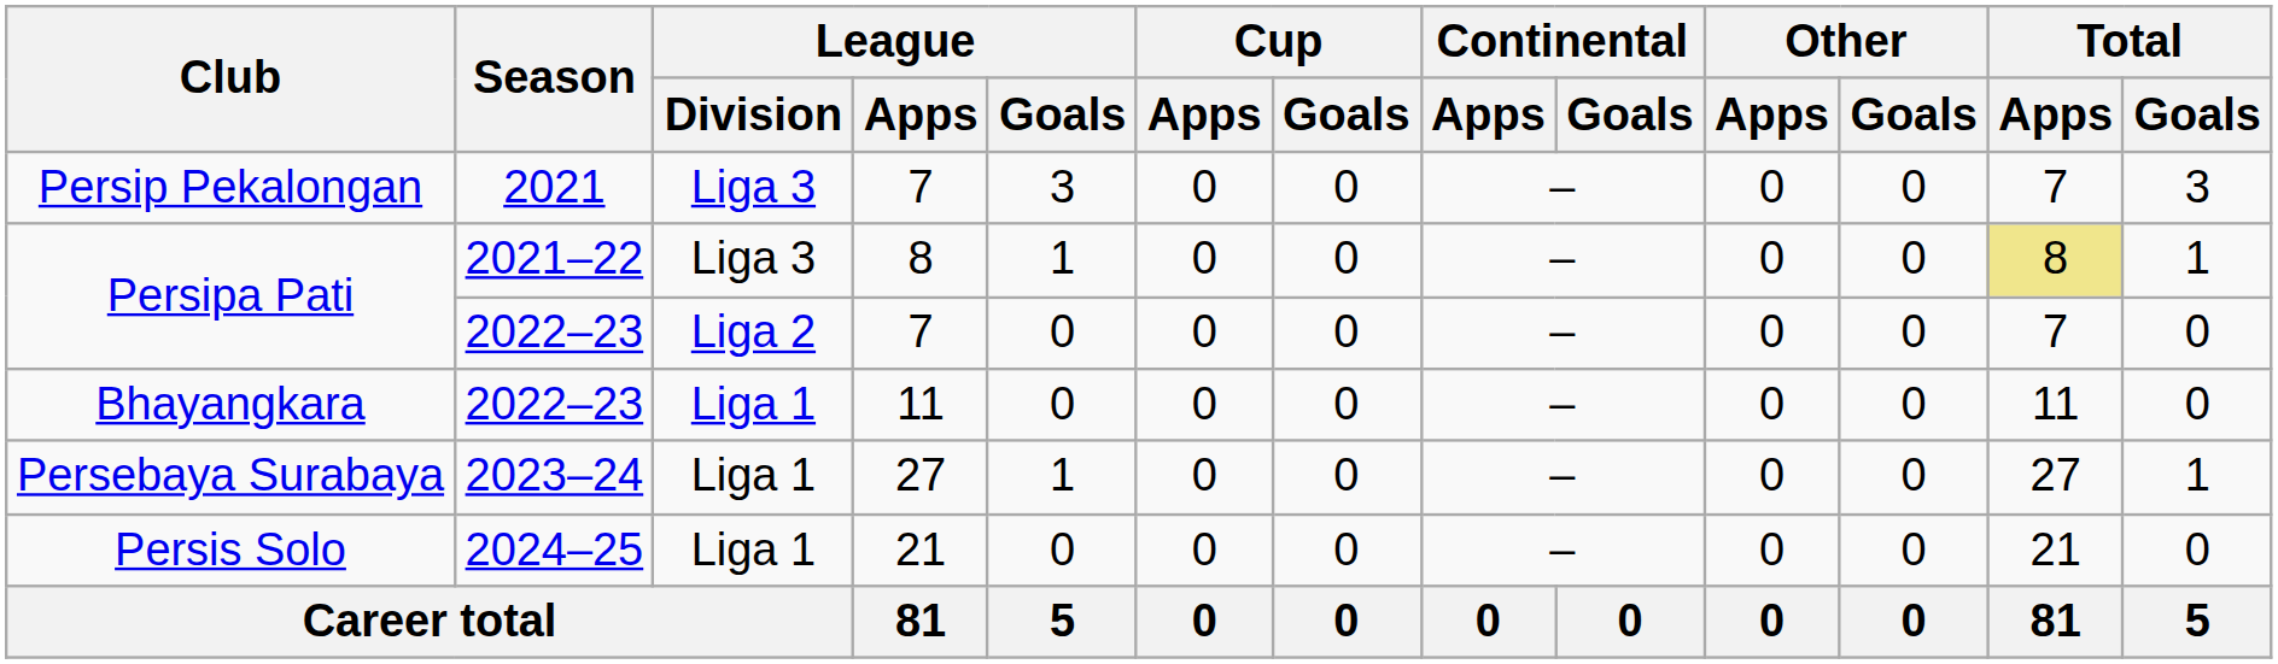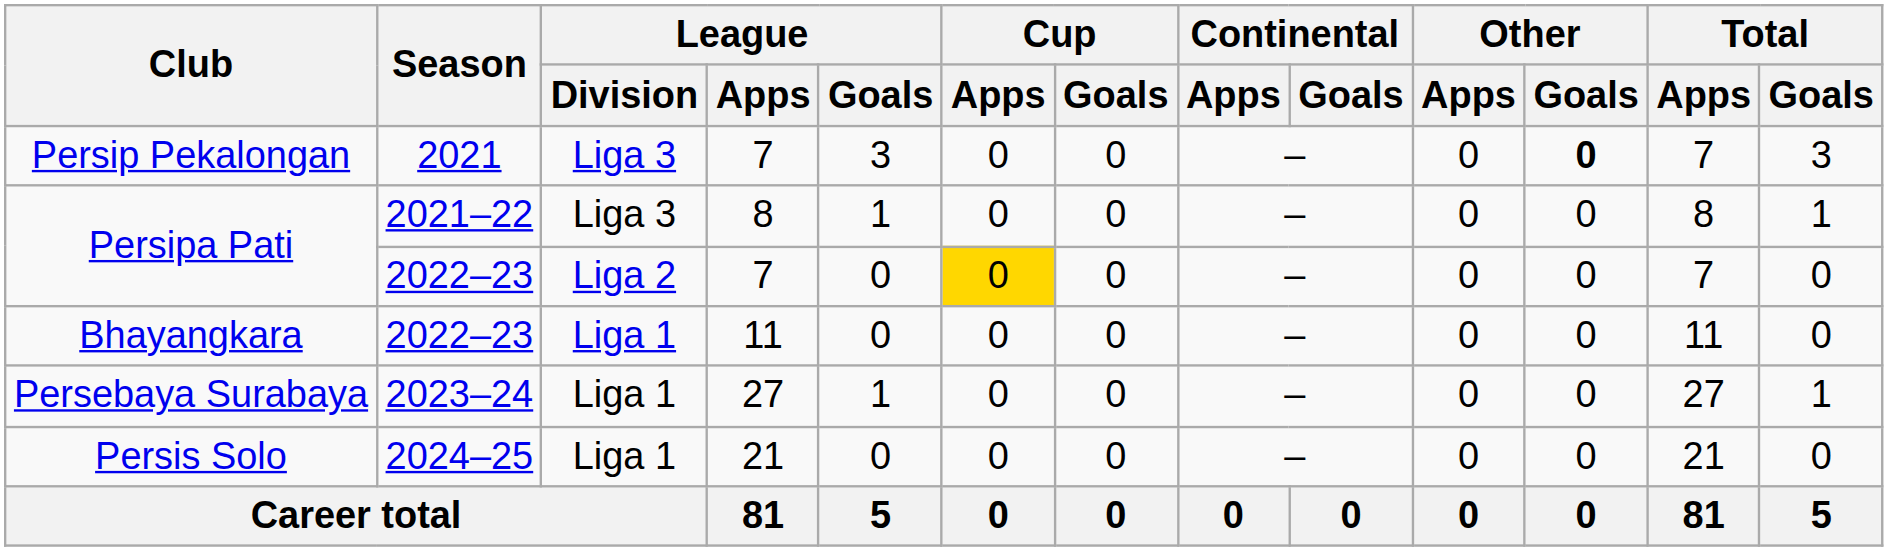 <table class="wikitable" style="text-align: center">
 <tr>
 <th rowspan="2">Club</th>
 <th rowspan="2">Season</th>
 <th colspan="3">League</th>
 <th colspan="2">Cup</th>
 <th colspan="2">Continental</th>
 <th colspan="2">Other</th>
 <th colspan="3">Total</th>
 </tr>
 <tr>
 <th>Division</th>
 <th>Apps</th>
 <th>Goals</th>
 <th>Apps</th>
 <th>Goals</th>
 <th>Apps</th>
 <th>Goals</th>
 <th>Apps</th>
 <th>Goals</th>
 <th>Apps</th>
 <th>Goals</th>
 </tr>
 <tr>
 <td rowspan="1"><a href='#'>Persip Pekalongan</a></td>
 <td><a href='#'>2021</a></td>
 <td rowspan="1" valign="center"><a href='#'>Liga 3</a></td>
 <td>7</td>
 <td>3</td>
 <td>0</td>
 <td>0</td>
 <td colspan="2">–</td>
 <td>0</td>
-<td>0</td>
+<td><strong>0</strong></td>
 <td>7</td>
 <td>3</td>
 </tr>
 <tr>
 <td rowspan="2"><a href='#'>Persipa Pati</a></td>
 <td><a href='#'>2021–22</a></td>
 <td rowspan="1" valign="center">Liga 3</td>
 <td>8</td>
 <td>1</td>
 <td>0</td>
 <td>0</td>
 <td colspan="2">–</td>
 <td>0</td>
 <td>0</td>
-<td style="background: khaki;">8</td>
+<td>8</td>
 <td>1</td>
 </tr>
 <tr>
 <td><a href='#'>2022–23</a></td>
 <td><a href='#'>Liga 2</a></td>
 <td>7</td>
 <td>0</td>
-<td>0</td>
+<td style="background: gold;">0</td>
 <td>0</td>
 <td colspan="2">–</td>
 <td>0</td>
 <td>0</td>
 <td>7</td>
 <td>0</td>
 </tr>
 <tr>
 <td rowspan="1"><a href='#'>Bhayangkara</a></td>
 <td><a href='#'>2022–23</a></td>
 <td rowspan="1" valign="center"><a href='#'>Liga 1</a></td>
 <td>11</td>
 <td>0</td>
 <td>0</td>
 <td>0</td>
 <td colspan="2">–</td>
 <td>0</td>
 <td>0</td>
 <td>11</td>
 <td>0</td>
 </tr>
 <tr>
 <td rowspan="1"><a href='#'>Persebaya Surabaya</a></td>
 <td><a href='#'>2023–24</a></td>
 <td rowspan="1" valign="center">Liga 1</td>
 <td>27</td>
 <td>1</td>
 <td>0</td>
 <td>0</td>
 <td colspan="2">–</td>
 <td>0</td>
 <td>0</td>
 <td>27</td>
 <td>1</td>
 </tr>
 <tr>
 <td rowspan="1"><a href='#'>Persis Solo</a></td>
 <td><a href='#'>2024–25</a></td>
 <td rowspan="1" valign="center">Liga 1</td>
 <td>21</td>
 <td>0</td>
 <td>0</td>
 <td>0</td>
 <td colspan="2">–</td>
 <td>0</td>
 <td>0</td>
 <td>21</td>
 <td>0</td>
 </tr>
 <tr>
 <th colspan="3">Career total</th>
 <th>81</th>
 <th>5</th>
 <th>0</th>
 <th>0</th>
 <th>0</th>
 <th>0</th>
 <th>0</th>
 <th>0</th>
 <th>81</th>
 <th>5</th>
 </tr>
 </table>
